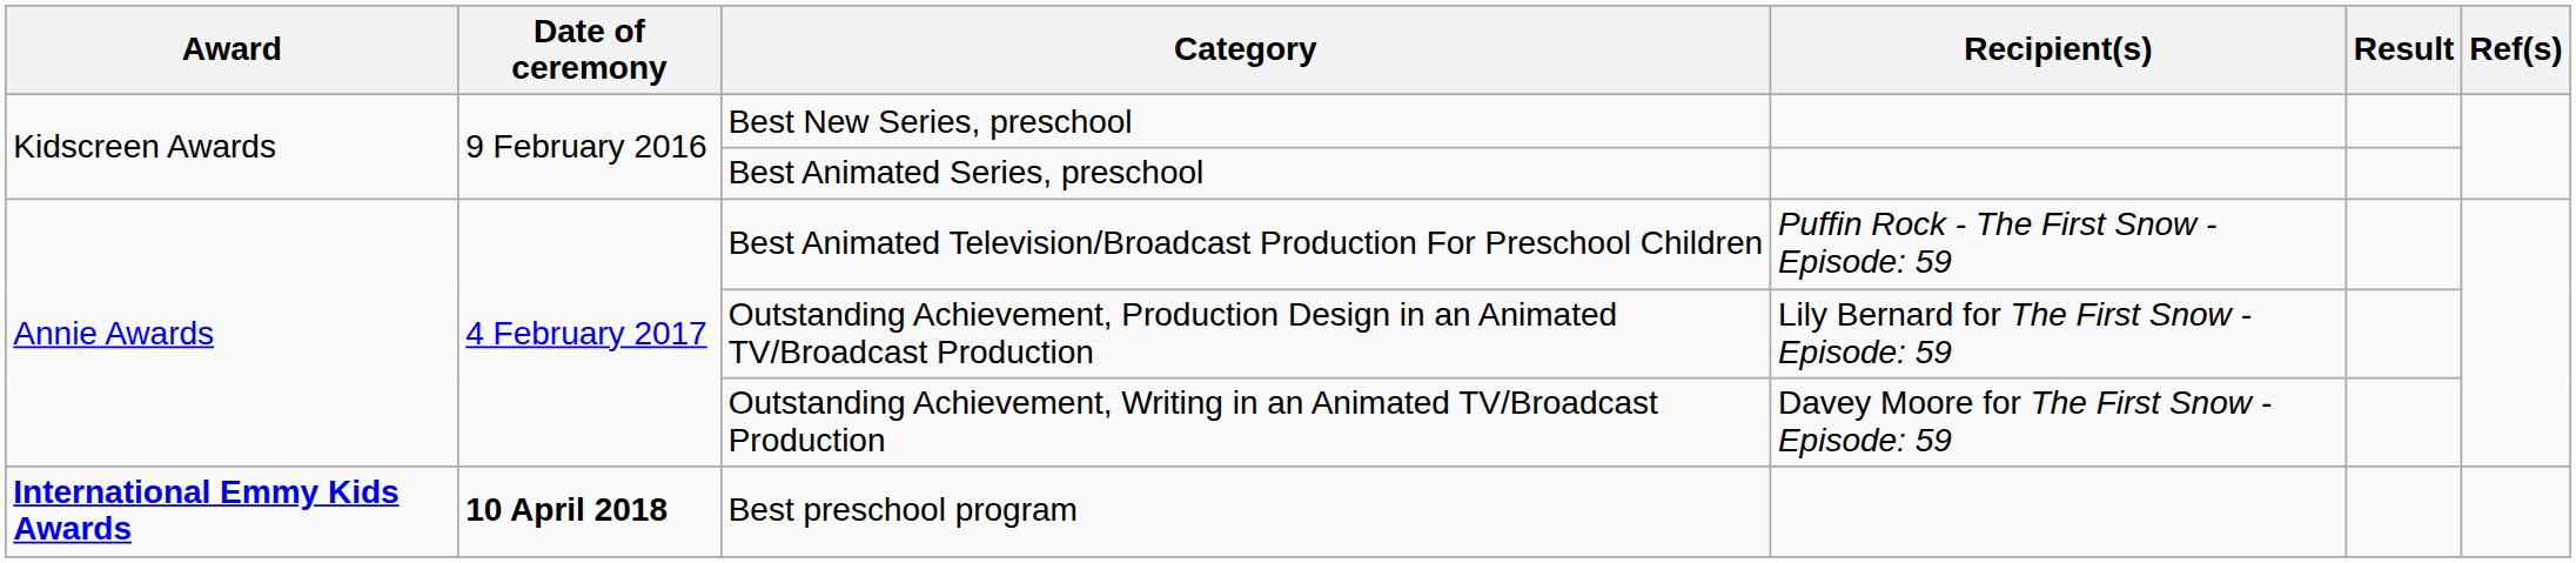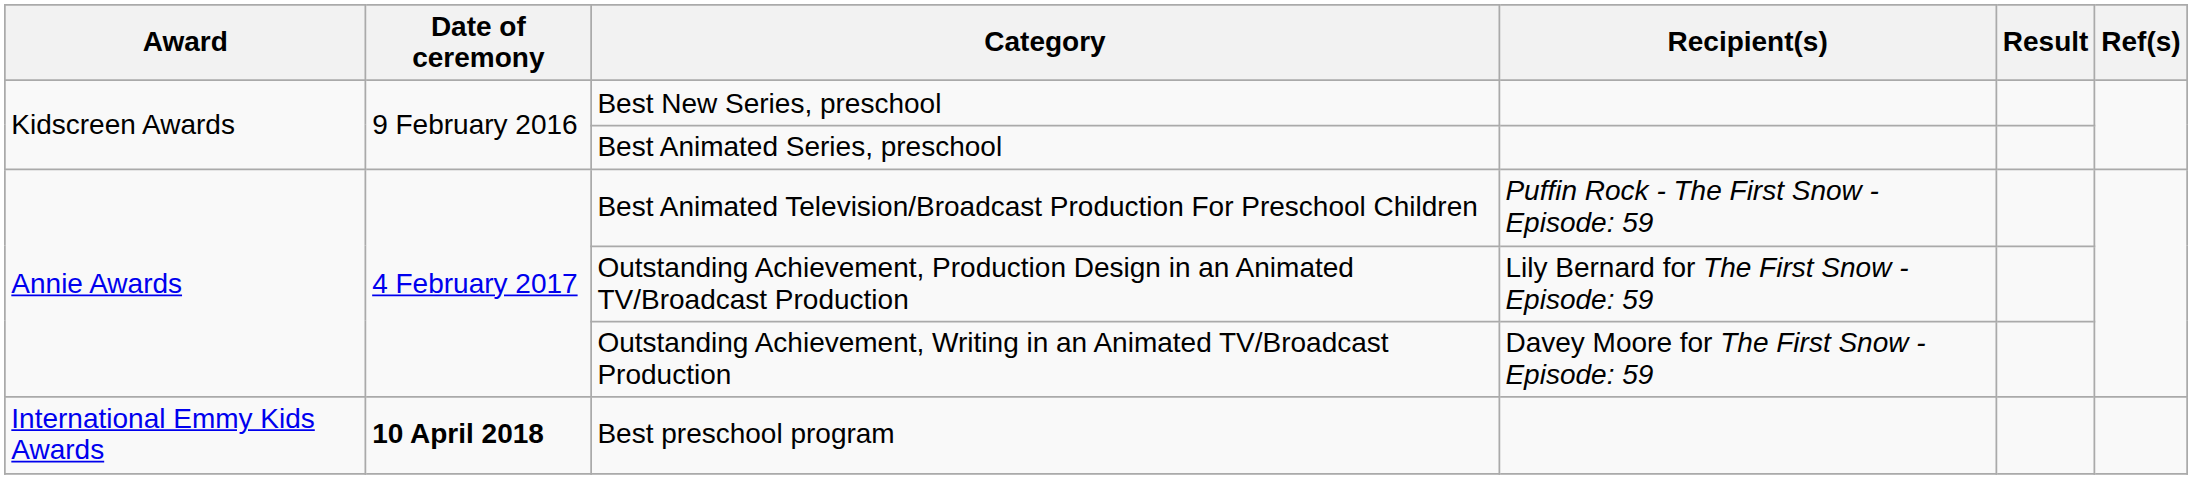 <table class=wikitable>
 <tr>
 <th>Award</th>
 <th>Date of ceremony</th>
 <th>Category</th>
 <th>Recipient(s)</th>
 <th>Result</th>
 <th>Ref(s)</th>
 </tr>
 <tr>
 <td rowspan="2">Kidscreen Awards</td>
 <td rowspan="2">9 February 2016</td>
 <td>Best New Series, preschool</td>
 <td></td>
 <td></td>
 <td rowspan="2"></td>
 </tr>
 <tr>
 <td>Best Animated Series, preschool</td>
 <td></td>
 <td></td>
 </tr>
 <tr>
 <td rowspan="3"><a href='#'>Annie Awards</a></td>
 <td rowspan="3"><a href='#'>4 February 2017</a></td>
 <td>Best Animated Television/Broadcast Production For Preschool Children</td>
 <td><em>Puffin Rock - The First Snow - Episode: 59</em></td>
 <td></td>
 <td rowspan="3"></td>
 </tr>
 <tr>
 <td>Outstanding Achievement, Production Design in an Animated TV/Broadcast Production</td>
 <td>Lily Bernard for <em>The First Snow - Episode: 59</em></td>
 <td></td>
 </tr>
 <tr>
 <td>Outstanding Achievement, Writing in an Animated TV/Broadcast Production</td>
 <td>Davey Moore for <em>The First Snow - Episode: 59</em></td>
 <td></td>
 </tr>
 <tr>
-<td><strong><a href='#'>International Emmy Kids Awards</a></strong></td>
+<td><a href='#'>International Emmy Kids Awards</a></td>
 <td><strong>10 April 2018</strong></td>
 <td>Best preschool program</td>
 <td></td>
 <td></td>
 <td></td>
 </tr>
 </table>
